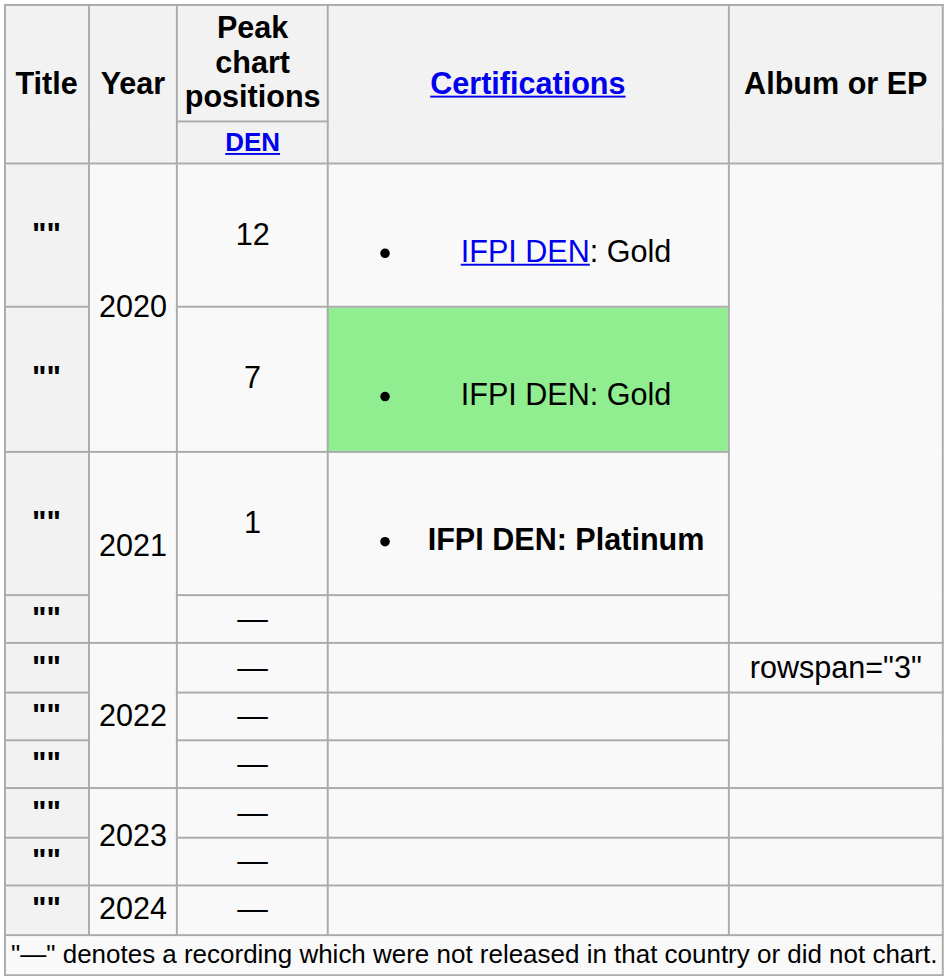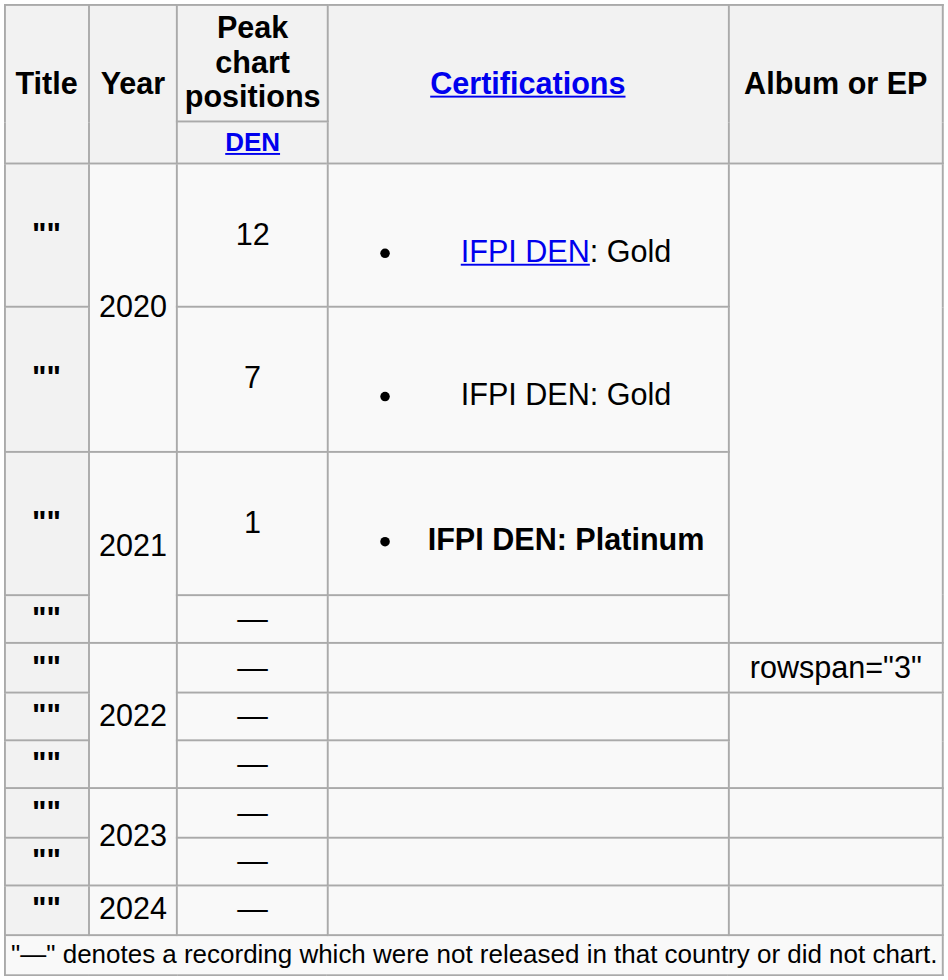 <table class="wikitable plainrowheaders" style="text-align:center;">
 <tr>
 <th scope="col" rowspan="2">Title</th>
 <th scope="col" rowspan="2">Year</th>
 <th scope="col" colspan="1">Peak chart positions</th>
 <th scope="col" rowspan="2"><a href='#'>Certifications</a></th>
 <th scope="col" rowspan="2">Album or EP</th>
 </tr>
 <tr>
 <th scope="col" style="width:3em;font-size:85%;"><a href='#'>DEN</a><br></th>
 </tr>
 <tr>
 <th scope="row">""</th>
 <td rowspan="2">2020</td>
 <td>12</td>
 <td><br><ul><li><a href='#'>IFPI DEN</a>: Gold</li></ul></td>
 <td rowspan="4"></td>
 </tr>
 <tr>
 <th scope="row">""</th>
 <td>7</td>
-<td style="background: lightgreen;"><br><ul><li>IFPI DEN: Gold</li></ul></td>
+<td><br><ul><li>IFPI DEN: Gold</li></ul></td>
 </tr>
 <tr>
 <th scope="row">""</th>
 <td rowspan="2">2021</td>
 <td>1</td>
 <td><strong><br><ul><li>IFPI DEN: Platinum</li></ul></strong></td>
 </tr>
 <tr>
 <th scope="row">""</th>
 <td>—</td>
 <td></td>
 </tr>
 <tr>
 <th scope="row">""</th>
 <td rowspan="3">2022</td>
 <td>—</td>
 <td></td>
 <td>rowspan="3" </td>
 </tr>
 <tr>
 <th scope="row">""</th>
 <td>—</td>
 <td></td>
 </tr>
 <tr>
 <th scope="row">""</th>
 <td>—</td>
 <td></td>
 </tr>
 <tr>
 <th scope="row">""</th>
 <td rowspan="2">2023</td>
 <td>—</td>
 <td></td>
 <td></td>
 </tr>
 <tr>
 <th scope="row">""</th>
 <td>—</td>
 <td></td>
 <td></td>
 </tr>
 <tr>
 <th scope="row">""<br></th>
 <td>2024</td>
 <td>—</td>
 <td></td>
 <td></td>
 </tr>
 <tr>
 <td colspan="5" style="font-size:85%;">"—" denotes a recording which were not released in that country or did not chart.</td>
 </tr>
 </table>
